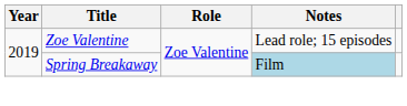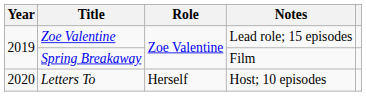 <table class="wikitable sortable">
 <tr>
 <th>Year</th>
 <th>Title</th>
 <th>Role</th>
 <th class="unsortable">Notes</th>
 <th class="unsortable"></th>
 </tr>
 <tr>
 <td rowspan="2">2019</td>
 <td><em><a href='#'>Zoe Valentine</a></em></td>
 <td rowspan="2"><a href='#'>Zoe Valentine</a></td>
 <td>Lead role; 15 episodes</td>
 <td></td>
 </tr>
 <tr>
 <td><em><a href='#'>Spring Breakaway</a></em></td>
-<td style="background: lightblue;">Film</td>
+<td>Film</td>
+<td></td>
+</tr>
+<tr>
+<td>2020</td>
+<td><em>Letters To</em></td>
+<td>Herself</td>
+<td>Host; 10 episodes</td>
 <td></td>
 </tr>
 </table>
